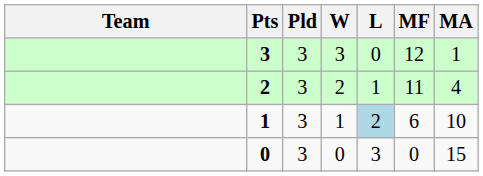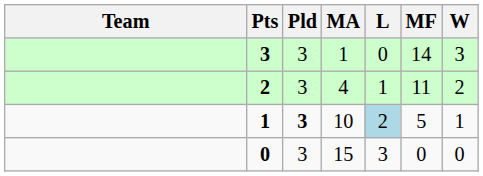 <table class=wikitable style="text-align:center; font-size:95%">
 <tr>
 <th width=175>Team</th>
 <th width=20>Pts</th>
 <th width=20>Pld</th>
-<th width=20>W</th>
+<th width=20>MA</th>
 <th width=20>L</th>
 <th width=20>MF</th>
-<th width=20>MA</th>
+<th width=20>W</th>
 </tr>
 <tr bgcolor=ccffcc>
 <td style="text-align:left"></td>
 <td><strong>3</strong></td>
 <td>3</td>
+<td>1</td>
+<td>0</td>
+<td>14</td>
 <td>3</td>
-<td>0</td>
-<td>12</td>
-<td>1</td>
 </tr>
 <tr bgcolor=ccffcc>
 <td style="text-align:left"></td>
 <td><strong>2</strong></td>
 <td>3</td>
-<td>2</td>
+<td>4</td>
 <td>1</td>
 <td>11</td>
-<td>4</td>
+<td>2</td>
 </tr>
 <tr>
 <td style="text-align:left"></td>
 <td><strong>1</strong></td>
-<td>3</td>
+<td><strong>3</strong></td>
+<td>10</td>
+<td style="background: lightblue;">2</td>
+<td>5</td>
 <td>1</td>
-<td style="background: lightblue;">2</td>
-<td>6</td>
-<td>10</td>
 </tr>
 <tr>
 <td style="text-align:left"></td>
 <td><strong>0</strong></td>
 <td>3</td>
-<td>0</td>
+<td>15</td>
 <td>3</td>
 <td>0</td>
-<td>15</td>
+<td>0</td>
 </tr>
 </table>
